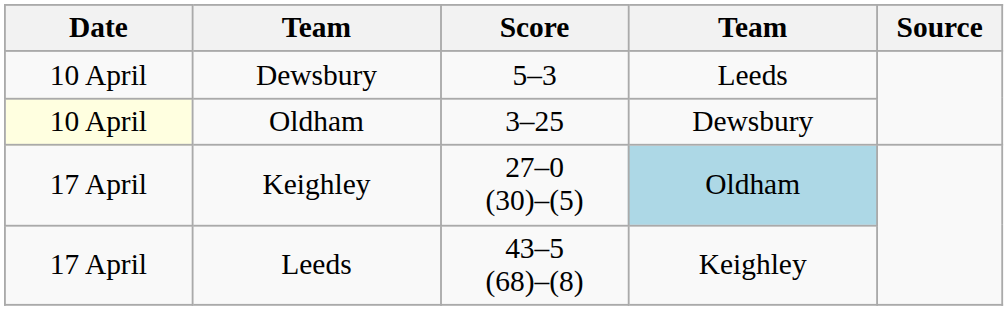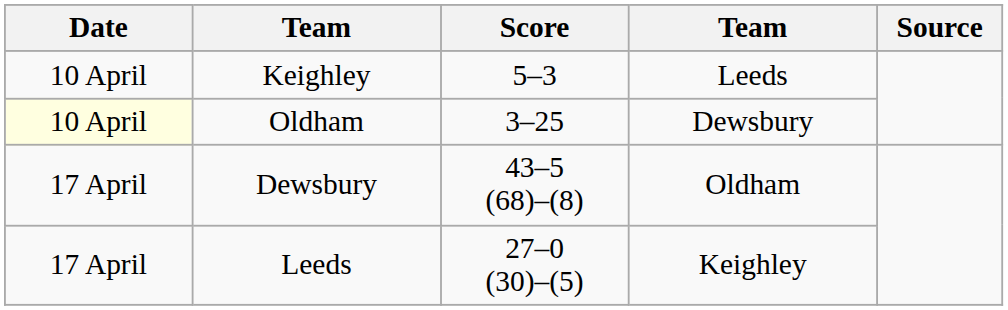 <table class="wikitable" style="text-align: center">
 <tr>
 <th width=15%>Date</th>
 <th width=20%>Team</th>
 <th width=15%>Score</th>
 <th width=20%>Team</th>
 <th width=10%>Source</th>
 </tr>
 <tr>
 <td>10 April</td>
-<td>Dewsbury</td>
+<td>Keighley</td>
 <td>5–3</td>
 <td>Leeds</td>
 <td rowspan="2"></td>
 </tr>
 <tr>
 <td style="background: lightyellow;">10 April</td>
 <td>Oldham</td>
 <td>3–25</td>
 <td>Dewsbury</td>
 </tr>
 <tr>
 <td>17 April</td>
-<td>Keighley</td>
-<td>27–0<br>(30)–(5)</td>
-<td style="background: lightblue;">Oldham</td>
+<td>Dewsbury</td>
+<td>43–5<br>(68)–(8)</td>
+<td>Oldham</td>
 <td rowspan="2"></td>
 </tr>
 <tr>
 <td>17 April</td>
 <td>Leeds</td>
-<td>43–5<br>(68)–(8)</td>
+<td>27–0<br>(30)–(5)</td>
 <td>Keighley</td>
 </tr>
 </table>
